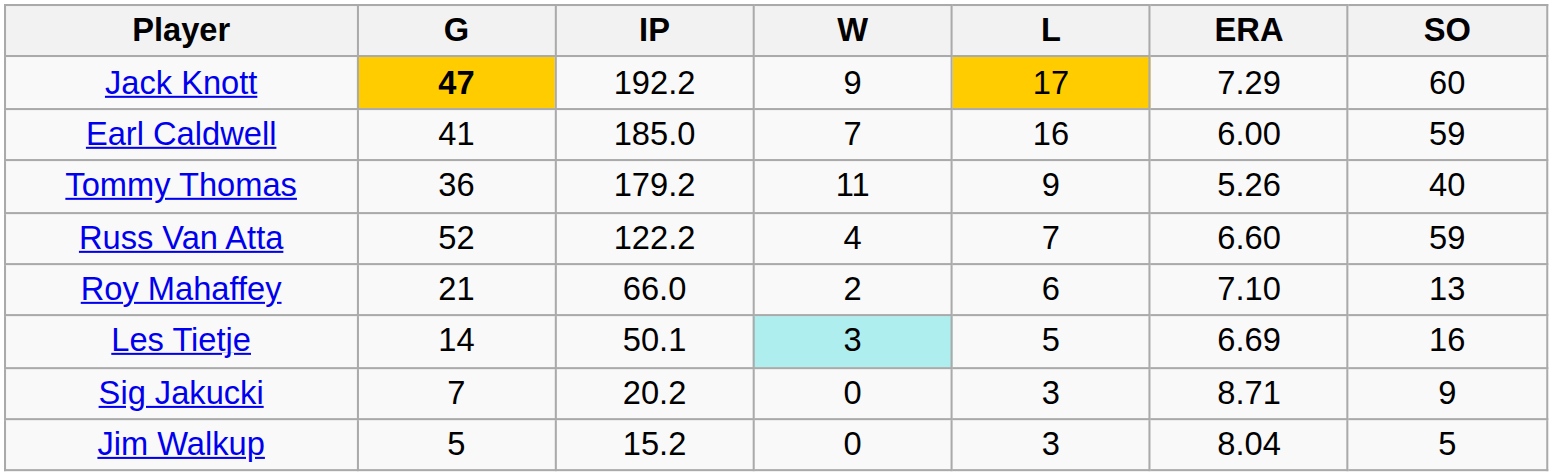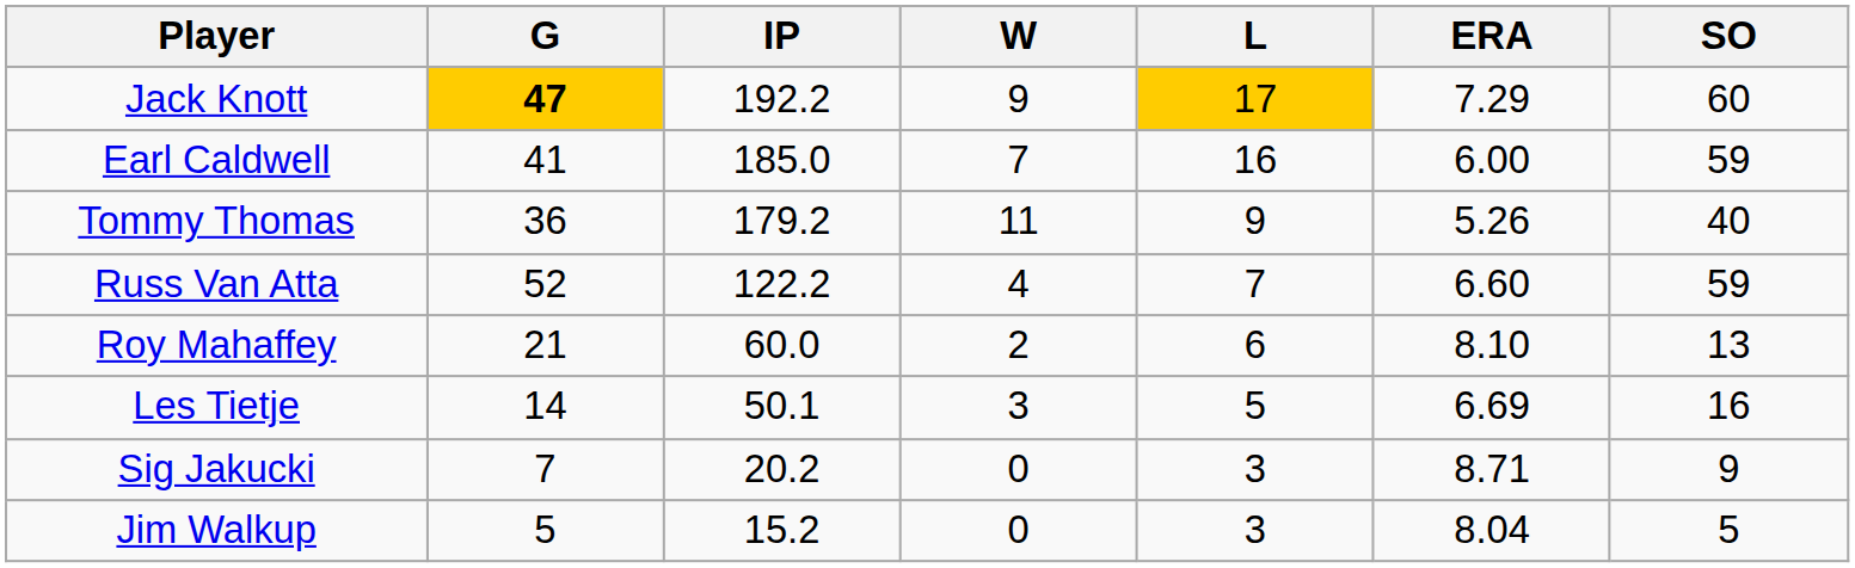 <table class="wikitable sortable">
 <tr>
 <th bgcolor="#DDDDFF" width="16%">Player</th>
 <th bgcolor="#DDDDFF" width="9%">G</th>
 <th bgcolor="#DDDDFF" width="9%">IP</th>
 <th bgcolor="#DDDDFF" width="9%">W</th>
 <th bgcolor="#DDDDFF" width="9%">L</th>
 <th bgcolor="#DDDDFF" width="9%">ERA</th>
 <th bgcolor="#DDDDFF" width="9%">SO</th>
 </tr>
 <tr align="center">
 <td><a href='#'>Jack Knott</a></td>
 <td style="background:#fc0;"><strong>47</strong></td>
 <td>192.2</td>
 <td>9</td>
 <td style="background:#fc0;">17</td>
 <td>7.29</td>
 <td>60</td>
 </tr>
 <tr align=center>
 <td><a href='#'>Earl Caldwell</a></td>
 <td>41</td>
 <td>185.0</td>
 <td>7</td>
 <td>16</td>
 <td>6.00</td>
 <td>59</td>
 </tr>
 <tr align=center>
 <td><a href='#'>Tommy Thomas</a></td>
 <td>36</td>
 <td>179.2</td>
 <td>11</td>
 <td>9</td>
 <td>5.26</td>
 <td>40</td>
 </tr>
 <tr align=center>
 <td><a href='#'>Russ Van Atta</a></td>
 <td>52</td>
 <td>122.2</td>
 <td>4</td>
 <td>7</td>
 <td>6.60</td>
 <td>59</td>
 </tr>
 <tr align=center>
 <td><a href='#'>Roy Mahaffey</a></td>
 <td>21</td>
-<td>66.0</td>
+<td>60.0</td>
 <td>2</td>
 <td>6</td>
-<td>7.10</td>
+<td>8.10</td>
 <td>13</td>
 </tr>
 <tr align=center>
 <td><a href='#'>Les Tietje</a></td>
 <td>14</td>
 <td>50.1</td>
-<td style="background: paleturquoise;">3</td>
+<td>3</td>
 <td>5</td>
 <td>6.69</td>
 <td>16</td>
 </tr>
 <tr align=center>
 <td><a href='#'>Sig Jakucki</a></td>
 <td>7</td>
 <td>20.2</td>
 <td>0</td>
 <td>3</td>
 <td>8.71</td>
 <td>9</td>
 </tr>
 <tr align=center>
 <td><a href='#'>Jim Walkup</a></td>
 <td>5</td>
 <td>15.2</td>
 <td>0</td>
 <td>3</td>
 <td>8.04</td>
 <td>5</td>
 </tr>
 </table>
